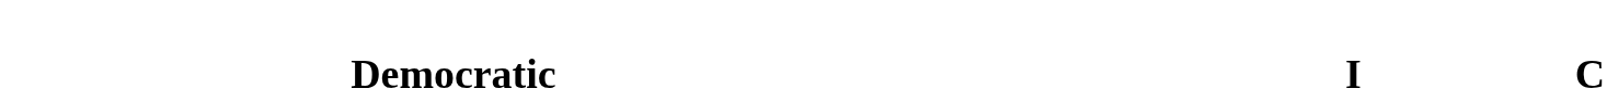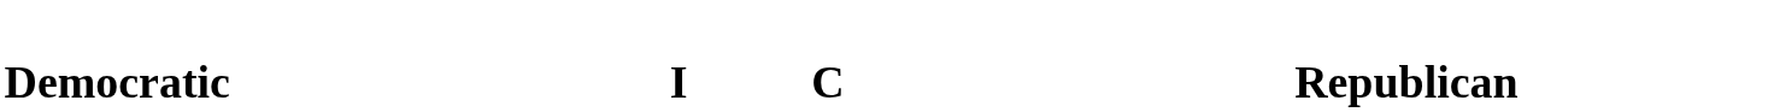 <table style="width:50em; text-align:center">
 <tr style="color:white">
 <td style="background:"><strong>54</strong></td>
 <td style="background:"><strong>1</strong></td>
 <td style="background:"><strong>1</strong></td>
+<td style="background:"><strong>44</strong></td>
 </tr>
 <tr>
 <td><span><strong>Democratic</strong></span></td>
 <td><strong>I</strong></td>
 <td><strong>C</strong></td>
+<td><span><strong>Republican</strong></span></td>
 </tr>
 </table>
